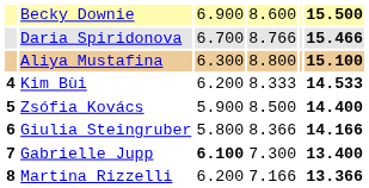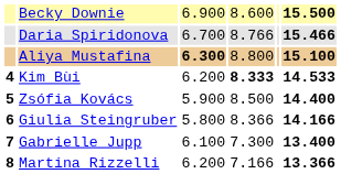 <table>
 <tr style="background:#fffcaf;">
 <th scope=row style="text-align:center"></th>
 <td style="text-align:left;"> <a href='#'>Becky Downie</a></td>
 <td>6.900</td>
 <td>8.600</td>
 <td></td>
 <td><strong>15.500</strong></td>
 </tr>
 <tr style="background:#e5e5e5;">
 <th scope=row style="text-align:center"></th>
 <td style="text-align:left;"> <a href='#'>Daria Spiridonova</a></td>
 <td>6.700</td>
 <td>8.766</td>
 <td></td>
 <td><strong>15.466</strong></td>
 </tr>
 <tr style="background:#ec9;">
 <th scope=row style="text-align:center"></th>
 <td style="text-align:left;"> <a href='#'>Aliya Mustafina</a></td>
-<td>6.300</td>
+<td><strong>6.300</strong></td>
 <td>8.800</td>
 <td></td>
 <td><strong>15.100</strong></td>
 </tr>
 <tr>
 <th scope=row style="text-align:center">4</th>
 <td style="text-align:left;"> <a href='#'>Kim Bùi</a></td>
 <td>6.200</td>
-<td>8.333</td>
+<td><strong>8.333</strong></td>
 <td></td>
 <td><strong>14.533</strong></td>
 </tr>
 <tr>
 <th scope=row style="text-align:center">5</th>
 <td style="text-align:left;"> <a href='#'>Zsófia Kovács</a></td>
 <td>5.900</td>
 <td>8.500</td>
 <td></td>
 <td><strong>14.400</strong></td>
 </tr>
 <tr>
 <th scope=row style="text-align:center">6</th>
 <td style="text-align:left;"> <a href='#'>Giulia Steingruber</a></td>
 <td>5.800</td>
 <td>8.366</td>
 <td></td>
 <td><strong>14.166</strong></td>
 </tr>
 <tr>
 <th scope=row style="text-align:center">7</th>
 <td style="text-align:left;"> <a href='#'>Gabrielle Jupp</a></td>
-<td><strong>6.100</strong></td>
+<td>6.100</td>
 <td>7.300</td>
 <td></td>
 <td><strong>13.400</strong></td>
 </tr>
 <tr>
 <th scope=row style="text-align:center">8</th>
 <td style="text-align:left;"> <a href='#'>Martina Rizzelli</a></td>
 <td>6.200</td>
 <td>7.166</td>
 <td></td>
 <td><strong>13.366</strong></td>
 </tr>
 </table>
